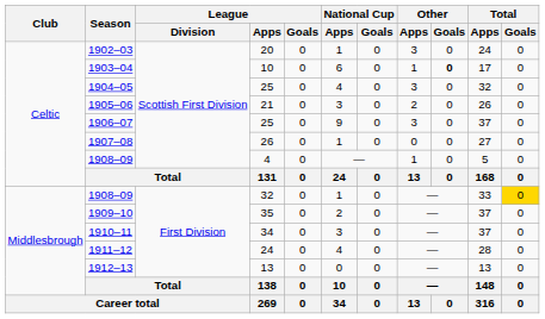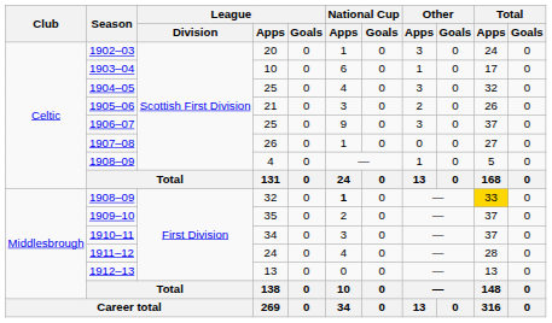 <table class="wikitable" style="text-align: center">
 <tr>
 <th rowspan="2">Club</th>
 <th rowspan="2">Season</th>
 <th colspan="3">League</th>
 <th colspan="2">National Cup</th>
 <th colspan="2">Other</th>
 <th colspan="2">Total</th>
 </tr>
 <tr>
 <th>Division</th>
 <th>Apps</th>
 <th>Goals</th>
 <th>Apps</th>
 <th>Goals</th>
 <th>Apps</th>
 <th>Goals</th>
 <th>Apps</th>
 <th>Goals</th>
 </tr>
 <tr>
 <td rowspan="8"><a href='#'>Celtic</a></td>
 <td><a href='#'>1902–03</a></td>
 <td rowspan="7"><a href='#'>Scottish First Division</a></td>
 <td>20</td>
 <td>0</td>
 <td>1</td>
 <td>0</td>
 <td>3</td>
 <td>0</td>
 <td>24</td>
 <td>0</td>
 </tr>
 <tr>
 <td><a href='#'>1903–04</a></td>
 <td>10</td>
 <td>0</td>
 <td>6</td>
 <td>0</td>
 <td>1</td>
-<td><strong>0</strong></td>
+<td>0</td>
 <td>17</td>
 <td>0</td>
 </tr>
 <tr>
 <td><a href='#'>1904–05</a></td>
 <td>25</td>
 <td>0</td>
 <td>4</td>
 <td>0</td>
 <td>3</td>
 <td>0</td>
 <td>32</td>
 <td>0</td>
 </tr>
 <tr>
 <td><a href='#'>1905–06</a></td>
 <td>21</td>
 <td>0</td>
 <td>3</td>
 <td>0</td>
 <td>2</td>
 <td>0</td>
 <td>26</td>
 <td>0</td>
 </tr>
 <tr>
 <td><a href='#'>1906–07</a></td>
 <td>25</td>
 <td>0</td>
 <td>9</td>
 <td>0</td>
 <td>3</td>
 <td>0</td>
 <td>37</td>
 <td>0</td>
 </tr>
 <tr>
 <td><a href='#'>1907–08</a></td>
 <td>26</td>
 <td>0</td>
 <td>1</td>
 <td>0</td>
 <td>0</td>
 <td>0</td>
 <td>27</td>
 <td>0</td>
 </tr>
 <tr>
 <td><a href='#'>1908–09</a></td>
 <td>4</td>
 <td>0</td>
 <td colspan="2">—</td>
 <td>1</td>
 <td>0</td>
 <td>5</td>
 <td>0</td>
 </tr>
 <tr>
 <th colspan="2">Total</th>
 <th>131</th>
 <th>0</th>
 <th>24</th>
 <th>0</th>
 <th>13</th>
 <th>0</th>
 <th>168</th>
 <th>0</th>
 </tr>
 <tr>
 <td rowspan="6"><a href='#'>Middlesbrough</a></td>
 <td><a href='#'>1908–09</a></td>
 <td rowspan="5"><a href='#'>First Division</a></td>
 <td>32</td>
 <td>0</td>
-<td>1</td>
+<td><strong>1</strong></td>
 <td>0</td>
 <td colspan="2">—</td>
-<td>33</td>
-<td style="background: gold;">0</td>
+<td style="background: gold;">33</td>
+<td>0</td>
 </tr>
 <tr>
 <td><a href='#'>1909–10</a></td>
 <td>35</td>
 <td>0</td>
 <td>2</td>
 <td>0</td>
 <td colspan="2">—</td>
 <td>37</td>
 <td>0</td>
 </tr>
 <tr>
 <td><a href='#'>1910–11</a></td>
 <td>34</td>
 <td>0</td>
 <td>3</td>
 <td>0</td>
 <td colspan="2">—</td>
 <td>37</td>
 <td>0</td>
 </tr>
 <tr>
 <td><a href='#'>1911–12</a></td>
 <td>24</td>
 <td>0</td>
 <td>4</td>
 <td>0</td>
 <td colspan="2">—</td>
 <td>28</td>
 <td>0</td>
 </tr>
 <tr>
 <td><a href='#'>1912–13</a></td>
 <td>13</td>
 <td>0</td>
 <td>0</td>
 <td>0</td>
 <td colspan="2">—</td>
 <td>13</td>
 <td>0</td>
 </tr>
 <tr>
 <th colspan="2">Total</th>
 <th>138</th>
 <th>0</th>
 <th>10</th>
 <th>0</th>
 <th colspan="2">—</th>
 <th>148</th>
 <th>0</th>
 </tr>
 <tr>
 <th colspan="3">Career total</th>
 <th>269</th>
 <th>0</th>
 <th>34</th>
 <th>0</th>
 <th>13</th>
 <th>0</th>
 <th>316</th>
 <th>0</th>
 </tr>
 </table>
